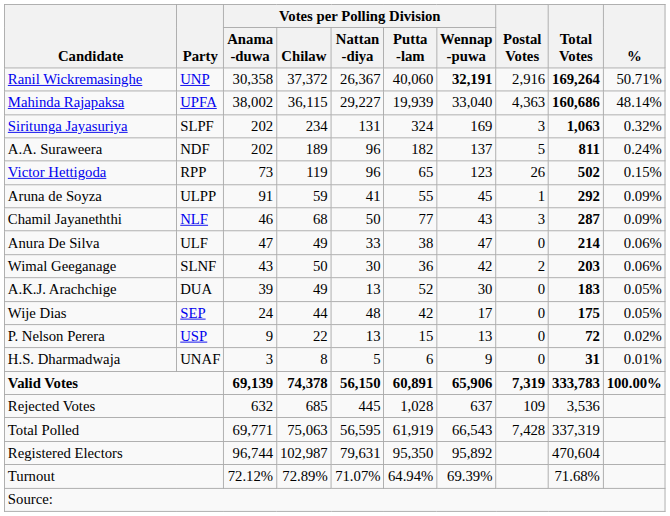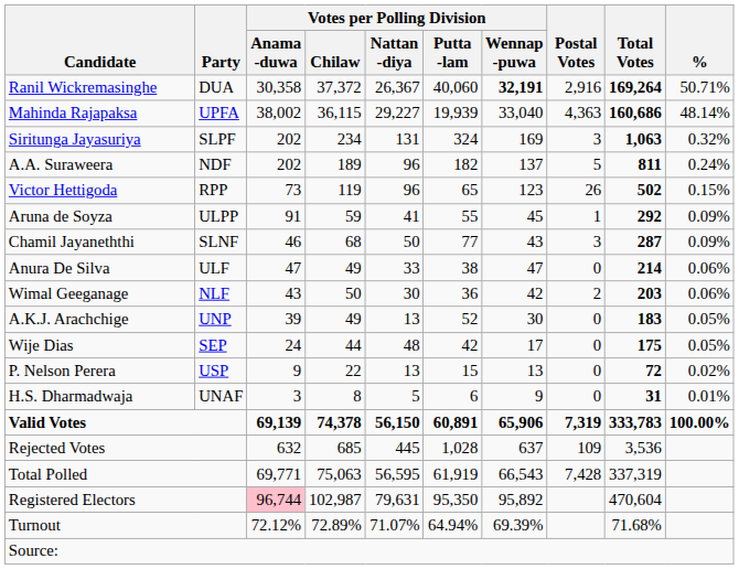 <table class="wikitable" border="1" style="text-align:right;">
 <tr>
 <th align=left valign=bottom rowspan=2 width="180">Candidate</th>
 <th align=left valign=bottom rowspan=2 width="40">Party</th>
 <th colspan=5>Votes per Polling Division</th>
 <th align=center valign=bottom rowspan=2 width="50">Postal<br>Votes</th>
 <th align=center valign=bottom rowspan=2 width="50">Total Votes</th>
 <th align=center valign=bottom rowspan=2 width="50">%</th>
 </tr>
 <tr>
 <th align=center valign=bottom width="50">Anama<br>-duwa</th>
 <th align=center valign=bottom width="50">Chilaw</th>
 <th align=center valign=bottom width="50">Nattan<br>-diya</th>
 <th align=center valign=bottom width="50">Putta<br>-lam</th>
 <th align=center valign=bottom width="50">Wennap<br>-puwa</th>
 </tr>
 <tr>
 <td align=left><a href='#'>Ranil Wickremasinghe</a></td>
-<td align=left><a href='#'>UNP</a></td>
+<td align=left>DUA</td>
 <td>30,358</td>
 <td>37,372</td>
 <td>26,367</td>
 <td>40,060</td>
 <td><strong>32,191</strong></td>
 <td>2,916</td>
 <td><strong>169,264</strong></td>
 <td>50.71%</td>
 </tr>
 <tr>
 <td align=left><a href='#'>Mahinda Rajapaksa</a></td>
 <td align=left><a href='#'>UPFA</a></td>
 <td>38,002</td>
 <td>36,115</td>
 <td>29,227</td>
 <td>19,939</td>
 <td>33,040</td>
 <td>4,363</td>
 <td><strong>160,686</strong></td>
 <td>48.14%</td>
 </tr>
 <tr>
 <td align=left><a href='#'>Siritunga Jayasuriya</a></td>
 <td align=left>SLPF</td>
 <td>202</td>
 <td>234</td>
 <td>131</td>
 <td>324</td>
 <td>169</td>
 <td>3</td>
 <td><strong>1,063</strong></td>
 <td>0.32%</td>
 </tr>
 <tr>
 <td align=left>A.A. Suraweera</td>
 <td align=left>NDF</td>
 <td>202</td>
 <td>189</td>
 <td>96</td>
 <td>182</td>
 <td>137</td>
 <td>5</td>
 <td><strong>811</strong></td>
 <td>0.24%</td>
 </tr>
 <tr>
 <td align=left><a href='#'>Victor Hettigoda</a></td>
 <td align=left>RPP</td>
 <td>73</td>
 <td>119</td>
 <td>96</td>
 <td>65</td>
 <td>123</td>
 <td>26</td>
 <td><strong>502</strong></td>
 <td>0.15%</td>
 </tr>
 <tr>
 <td align=left>Aruna de Soyza</td>
 <td align=left>ULPP</td>
 <td>91</td>
 <td>59</td>
 <td>41</td>
 <td>55</td>
 <td>45</td>
 <td>1</td>
 <td><strong>292</strong></td>
 <td>0.09%</td>
 </tr>
 <tr>
 <td align=left>Chamil Jayaneththi</td>
-<td align=left><a href='#'>NLF</a></td>
+<td align=left>SLNF</td>
 <td>46</td>
 <td>68</td>
 <td>50</td>
 <td>77</td>
 <td>43</td>
 <td>3</td>
 <td><strong>287</strong></td>
 <td>0.09%</td>
 </tr>
 <tr>
 <td align=left>Anura De Silva</td>
 <td align=left>ULF</td>
 <td>47</td>
 <td>49</td>
 <td>33</td>
 <td>38</td>
 <td>47</td>
 <td>0</td>
 <td><strong>214</strong></td>
 <td>0.06%</td>
 </tr>
 <tr>
 <td align=left>Wimal Geeganage</td>
-<td align=left>SLNF</td>
+<td align=left><a href='#'>NLF</a></td>
 <td>43</td>
 <td>50</td>
 <td>30</td>
 <td>36</td>
 <td>42</td>
 <td>2</td>
 <td><strong>203</strong></td>
 <td>0.06%</td>
 </tr>
 <tr>
 <td align=left>A.K.J. Arachchige</td>
-<td align=left>DUA</td>
+<td align=left><a href='#'>UNP</a></td>
 <td>39</td>
 <td>49</td>
 <td>13</td>
 <td>52</td>
 <td>30</td>
 <td>0</td>
 <td><strong>183</strong></td>
 <td>0.05%</td>
 </tr>
 <tr>
 <td align=left>Wije Dias</td>
 <td align=left><a href='#'>SEP</a></td>
 <td>24</td>
 <td>44</td>
 <td>48</td>
 <td>42</td>
 <td>17</td>
 <td>0</td>
 <td><strong>175</strong></td>
 <td>0.05%</td>
 </tr>
 <tr>
 <td align=left>P. Nelson Perera</td>
 <td align=left><a href='#'>USP</a></td>
 <td>9</td>
 <td>22</td>
 <td>13</td>
 <td>15</td>
 <td>13</td>
 <td>0</td>
 <td><strong>72</strong></td>
 <td>0.02%</td>
 </tr>
 <tr>
 <td align=left>H.S. Dharmadwaja</td>
 <td align=left>UNAF</td>
 <td>3</td>
 <td>8</td>
 <td>5</td>
 <td>6</td>
 <td>9</td>
 <td>0</td>
 <td><strong>31</strong></td>
 <td>0.01%</td>
 </tr>
 <tr>
 <td align=left colspan=2><strong>Valid Votes</strong></td>
 <td><strong>69,139</strong></td>
 <td><strong>74,378</strong></td>
 <td><strong>56,150</strong></td>
 <td><strong>60,891</strong></td>
 <td><strong>65,906</strong></td>
 <td><strong>7,319</strong></td>
 <td><strong>333,783</strong></td>
 <td><strong>100.00%</strong></td>
 </tr>
 <tr>
 <td align=left colspan=2>Rejected Votes</td>
 <td>632</td>
 <td>685</td>
 <td>445</td>
 <td>1,028</td>
 <td>637</td>
 <td>109</td>
 <td>3,536</td>
 <td></td>
 </tr>
 <tr>
 <td align=left colspan=2>Total Polled</td>
 <td>69,771</td>
 <td>75,063</td>
 <td>56,595</td>
 <td>61,919</td>
 <td>66,543</td>
 <td>7,428</td>
 <td>337,319</td>
 <td></td>
 </tr>
 <tr>
 <td align=left colspan=2>Registered Electors</td>
-<td>96,744</td>
+<td style="background: pink;">96,744</td>
 <td>102,987</td>
 <td>79,631</td>
 <td>95,350</td>
 <td>95,892</td>
 <td></td>
 <td>470,604</td>
 <td></td>
 </tr>
 <tr>
 <td align=left colspan=2>Turnout</td>
 <td>72.12%</td>
 <td>72.89%</td>
 <td>71.07%</td>
 <td>64.94%</td>
 <td>69.39%</td>
 <td></td>
 <td>71.68%</td>
 <td></td>
 </tr>
 <tr>
 <td align=left colspan=10>Source:</td>
 </tr>
 </table>
